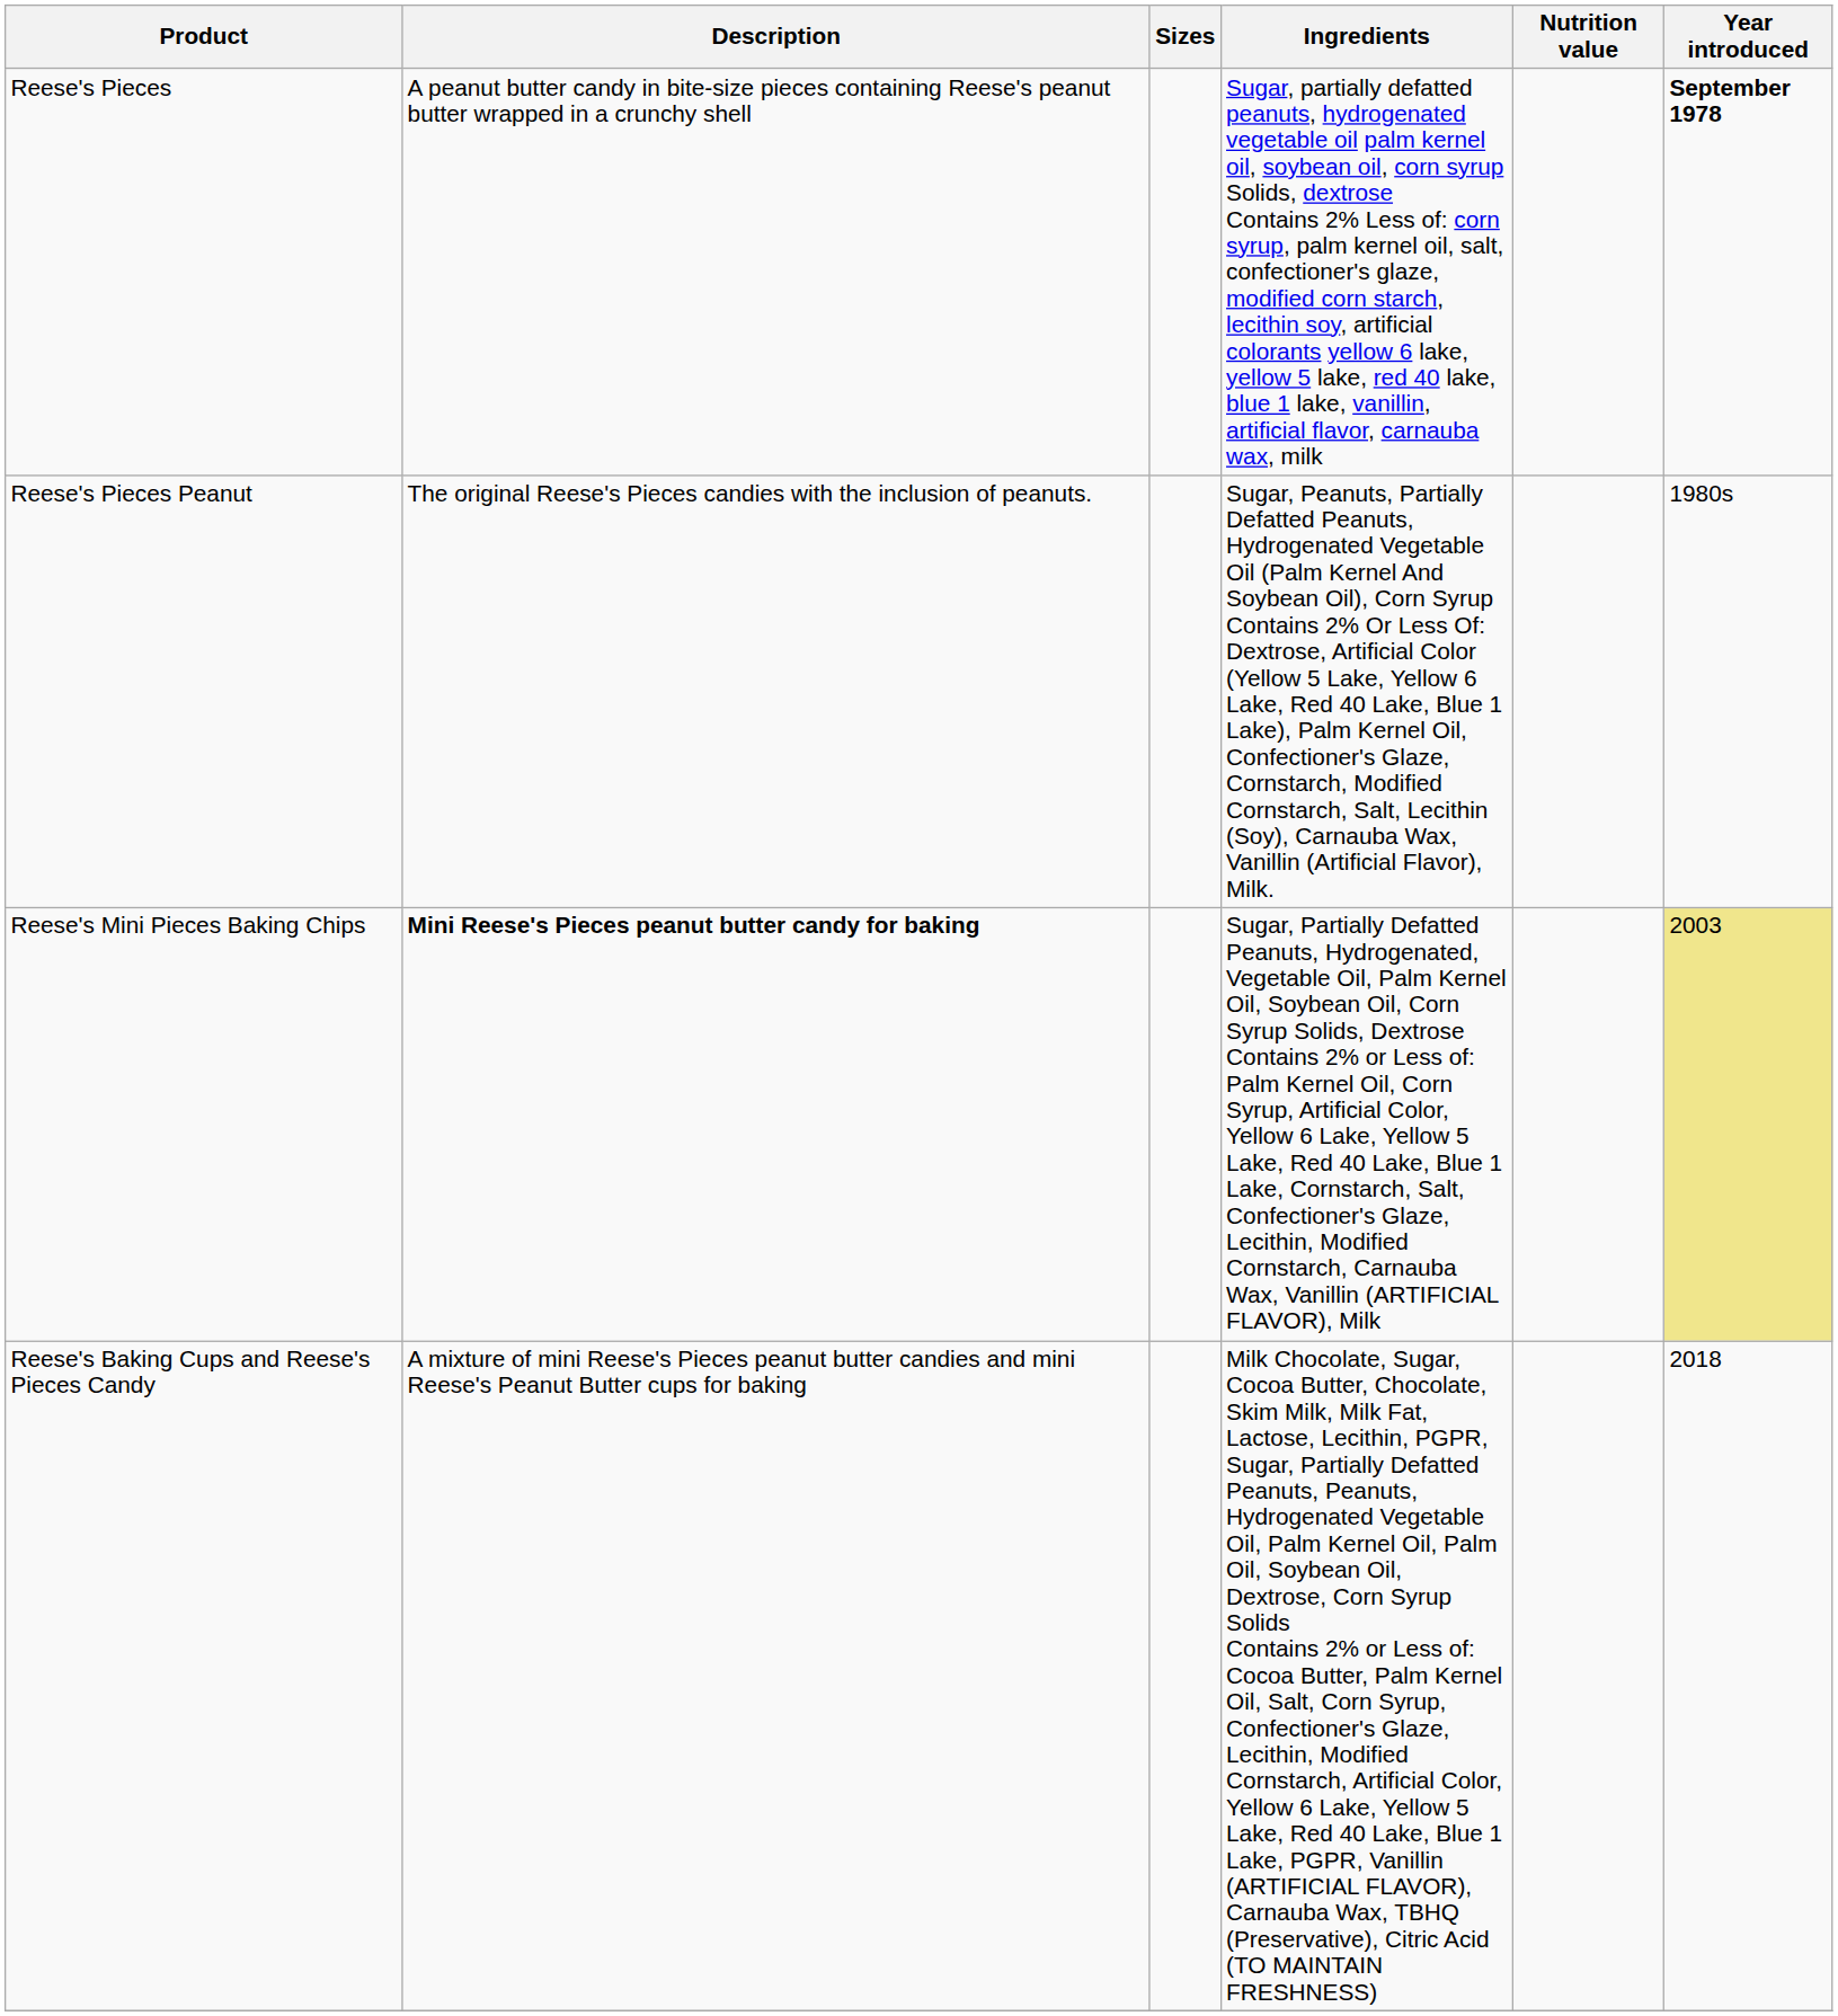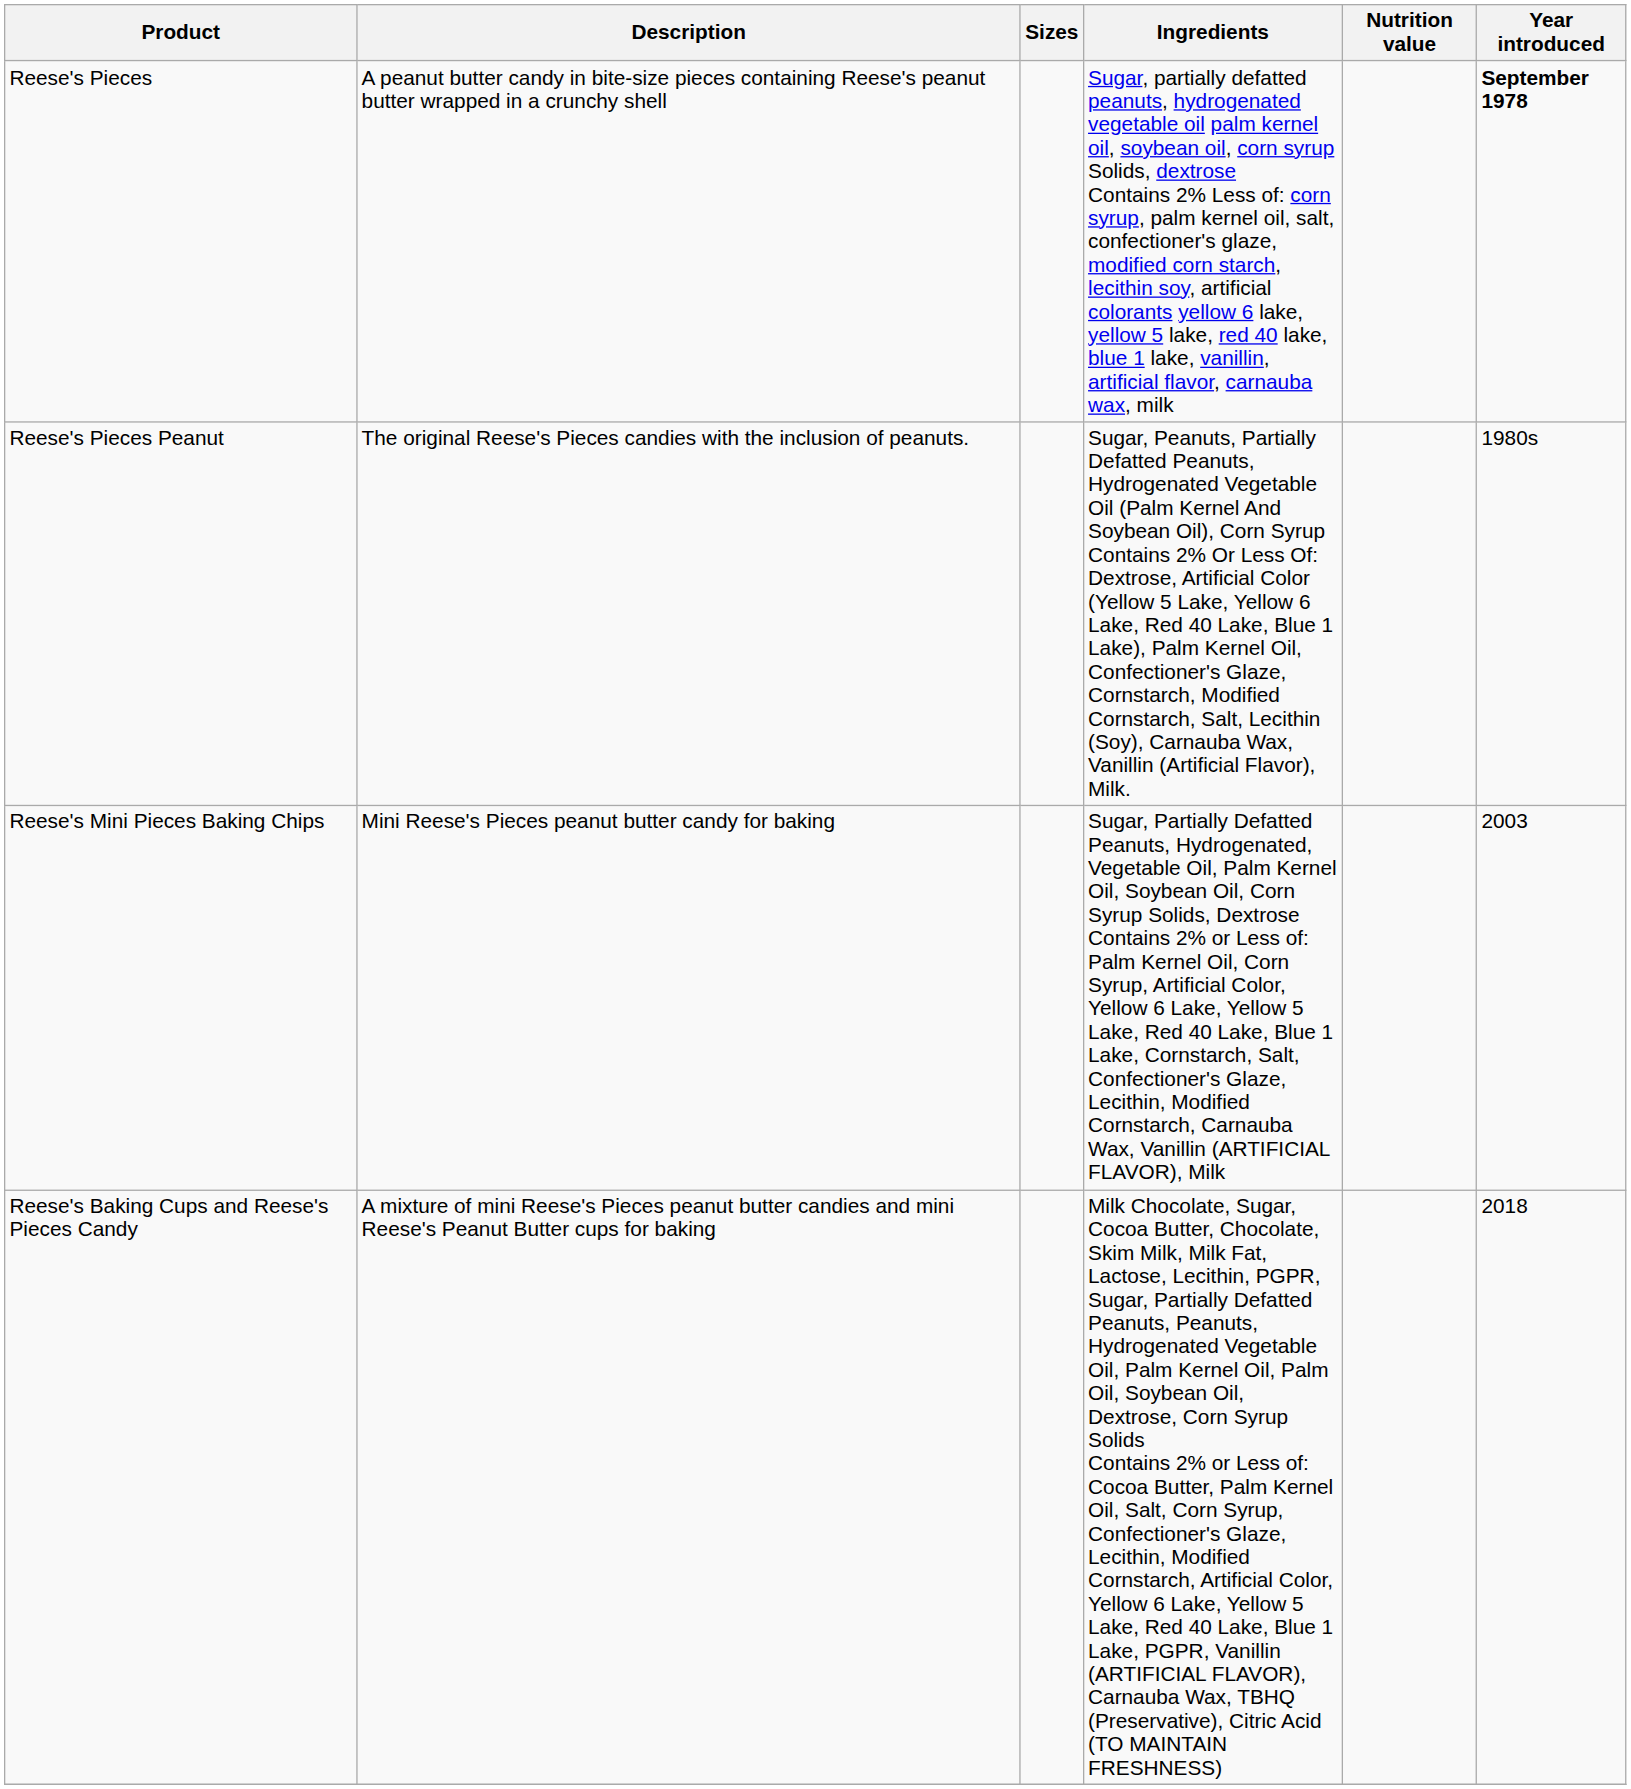 <table class=wikitable style="width="100%">
 <tr>
 <th>Product</th>
 <th>Description</th>
 <th>Sizes</th>
 <th style=width:12em>Ingredients</th>
 <th>Nutrition value</th>
 <th>Year introduced</th>
 </tr>
 <tr style="vertical-align: top;">
 <td style="white-space: nowrap;">Reese's Pieces</td>
 <td>A peanut butter candy in bite-size pieces containing Reese's peanut butter wrapped in a crunchy shell</td>
 <td></td>
 <td><a href='#'>Sugar</a>, partially defatted <a href='#'>peanuts</a>, <a href='#'>hydrogenated vegetable oil</a> <a href='#'>palm kernel oil</a>, <a href='#'>soybean oil</a>, <a href='#'>corn syrup</a> Solids, <a href='#'>dextrose</a><br>Contains 2% Less of: <a href='#'>corn syrup</a>, palm kernel oil, salt, confectioner's glaze, <a href='#'>modified corn starch</a>, <a href='#'>lecithin soy</a>, artificial <a href='#'>colorants</a> <a href='#'>yellow 6</a> lake, <a href='#'>yellow 5</a> lake, <a href='#'>red 40</a> lake, <a href='#'>blue 1</a> lake, <a href='#'>vanillin</a>, <a href='#'>artificial flavor</a>, <a href='#'>carnauba wax</a>, milk</td>
 <td></td>
 <td style="white-space: nowrap;"><strong>September<br>1978</strong></td>
 </tr>
 <tr style="vertical-align: top;">
 <td>Reese's Pieces Peanut</td>
 <td>The original Reese's Pieces candies with the inclusion of peanuts.</td>
 <td></td>
 <td>Sugar, Peanuts, Partially Defatted Peanuts, Hydrogenated Vegetable Oil (Palm Kernel And Soybean Oil), Corn Syrup<br>Contains 2% Or Less Of: Dextrose, Artificial Color (Yellow 5 Lake, Yellow 6 Lake, Red 40 Lake, Blue 1 Lake), Palm Kernel Oil, Confectioner's Glaze, Cornstarch, Modified Cornstarch, Salt, Lecithin (Soy), Carnauba Wax, Vanillin (Artificial Flavor), Milk. </td>
 <td></td>
 <td>1980s </td>
 </tr>
 <tr style="vertical-align: top;">
 <td>Reese's Mini Pieces Baking Chips</td>
-<td><strong>Mini Reese's Pieces peanut butter candy for baking</strong></td>
+<td>Mini Reese's Pieces peanut butter candy for baking</td>
 <td></td>
 <td>Sugar, Partially Defatted Peanuts, Hydrogenated, Vegetable Oil, Palm Kernel Oil, Soybean Oil, Corn Syrup Solids, Dextrose<br>Contains 2% or Less of: Palm Kernel Oil, Corn Syrup, Artificial Color, Yellow 6 Lake, Yellow 5 Lake, Red 40 Lake, Blue 1 Lake, Cornstarch, Salt, Confectioner's Glaze, Lecithin, Modified Cornstarch, Carnauba Wax, Vanillin (ARTIFICIAL FLAVOR), Milk  </td>
 <td></td>
-<td style="background: khaki;">2003</td>
+<td>2003</td>
 </tr>
 <tr style="vertical-align: top;">
 <td>Reese's Baking Cups and Reese's Pieces Candy</td>
 <td>A mixture of mini Reese's Pieces peanut butter candies and mini Reese's Peanut Butter cups for baking</td>
 <td></td>
 <td>Milk Chocolate, Sugar, Cocoa Butter, Chocolate, Skim Milk, Milk Fat, Lactose, Lecithin, PGPR, Sugar, Partially Defatted Peanuts, Peanuts, Hydrogenated Vegetable Oil, Palm Kernel Oil, Palm Oil, Soybean Oil, Dextrose, Corn Syrup Solids<br>Contains 2% or Less of: Cocoa Butter, Palm Kernel Oil, Salt, Corn Syrup, Confectioner's Glaze, Lecithin, Modified Cornstarch, Artificial Color, Yellow 6 Lake, Yellow 5 Lake, Red 40 Lake, Blue 1 Lake, PGPR, Vanillin (ARTIFICIAL FLAVOR), Carnauba Wax, TBHQ (Preservative), Citric Acid (TO MAINTAIN FRESHNESS)</td>
 <td></td>
 <td>2018</td>
 </tr>
 <tr>
 </tr>
 </table>
